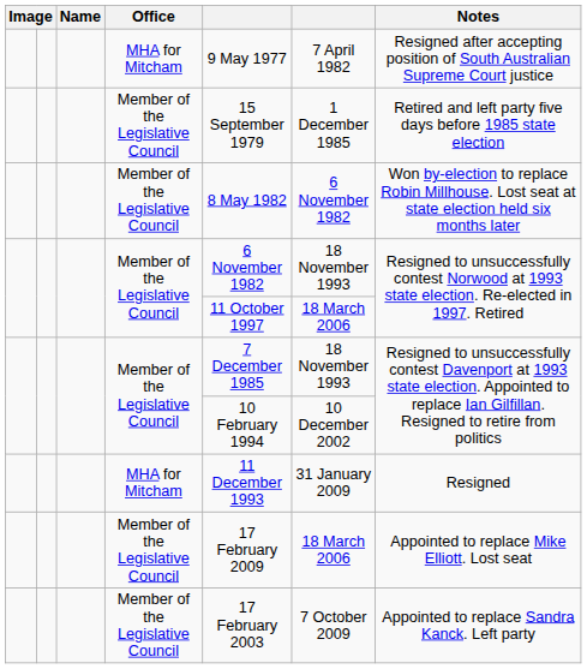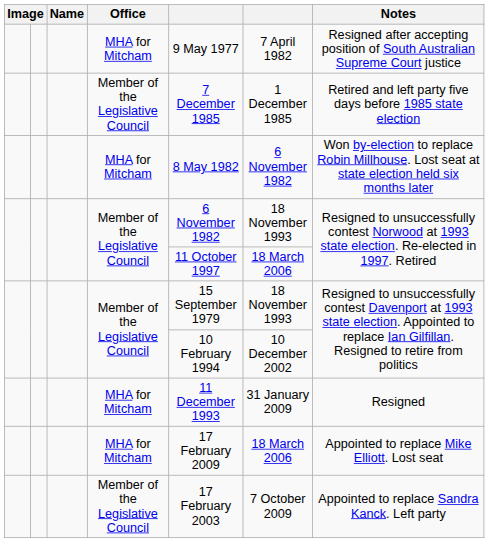 <table class="wikitable" style="text-align:center" "width:100%">
 <tr>
 <th colspan=2>Image</th>
 <th>Name<br></th>
 <th>Office</th>
 <th></th>
 <th></th>
 <th>Notes</th>
 </tr>
 <tr>
 <td> </td>
 <td></td>
 <td><br></td>
 <td><a href='#'>MHA</a> for <a href='#'>Mitcham</a></td>
 <td>9 May 1977</td>
 <td>7 April 1982</td>
 <td>Resigned after accepting position of <a href='#'>South Australian Supreme Court</a> justice</td>
 </tr>
 <tr>
 <td> </td>
 <td></td>
 <td><br></td>
 <td>Member of the <a href='#'>Legislative Council</a></td>
-<td>15 September 1979</td>
+<td><a href='#'>7 December 1985</a></td>
 <td>1 December 1985</td>
 <td>Retired and left party five days before <a href='#'>1985 state election</a></td>
 </tr>
 <tr>
 <td> </td>
 <td></td>
 <td><br></td>
-<td>Member of the <a href='#'>Legislative Council</a></td>
+<td><a href='#'>MHA</a> for <a href='#'>Mitcham</a></td>
 <td><a href='#'>8 May 1982</a></td>
 <td><a href='#'>6 November 1982</a></td>
 <td>Won <a href='#'>by-election</a> to replace <a href='#'>Robin Millhouse</a>. Lost seat at <a href='#'>state election held six months later</a></td>
 </tr>
 <tr>
 <td rowspan=2; > </td>
 <td rowspan=2></td>
 <td rowspan=2><br></td>
 <td rowspan=2>Member of the <a href='#'>Legislative Council</a></td>
 <td><a href='#'>6 November 1982</a></td>
 <td>18 November 1993</td>
 <td rowspan=2>Resigned to unsuccessfully contest <a href='#'>Norwood</a> at <a href='#'>1993 state election</a>. Re-elected in <a href='#'>1997</a>. Retired</td>
 </tr>
 <tr>
 <td><a href='#'>11 October 1997</a></td>
 <td><a href='#'>18 March 2006</a></td>
 </tr>
 <tr>
 <td rowspan=2; > </td>
 <td rowspan=2></td>
 <td rowspan=2><br></td>
 <td rowspan=2>Member of the <a href='#'>Legislative Council</a></td>
-<td><a href='#'>7 December 1985</a></td>
+<td>15 September 1979</td>
 <td>18 November 1993</td>
 <td rowspan=2>Resigned to unsuccessfully contest <a href='#'>Davenport</a> at <a href='#'>1993 state election</a>. Appointed to replace <a href='#'>Ian Gilfillan</a>. Resigned to retire from politics</td>
 </tr>
 <tr>
 <td>10 February 1994</td>
 <td>10 December 2002</td>
 </tr>
 <tr>
 <td> </td>
 <td></td>
 <td><br></td>
 <td><a href='#'>MHA</a> for <a href='#'>Mitcham</a></td>
 <td><a href='#'>11 December 1993</a></td>
 <td>31 January 2009</td>
 <td>Resigned</td>
 </tr>
 <tr>
 <td> </td>
 <td></td>
 <td><br></td>
-<td>Member of the <a href='#'>Legislative Council</a></td>
+<td><a href='#'>MHA</a> for <a href='#'>Mitcham</a></td>
 <td>17 February 2009</td>
 <td><a href='#'>18 March 2006</a></td>
 <td>Appointed to replace <a href='#'>Mike Elliott</a>. Lost seat</td>
 </tr>
 <tr>
 <td> </td>
 <td></td>
 <td><br></td>
 <td>Member of the <a href='#'>Legislative Council</a></td>
 <td>17 February 2003</td>
 <td>7 October 2009</td>
 <td>Appointed to replace <a href='#'>Sandra Kanck</a>. Left party</td>
 </tr>
 </table>
